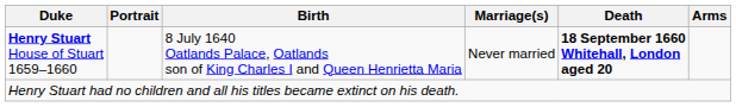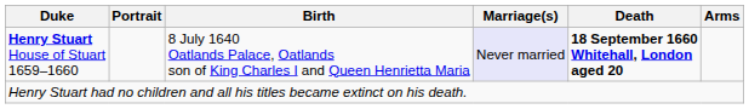 <table class="wikitable">
 <tr>
 <th>Duke</th>
 <th>Portrait</th>
 <th>Birth</th>
 <th>Marriage(s)</th>
 <th>Death</th>
 <th>Arms</th>
 </tr>
 <tr>
 <td><strong><a href='#'>Henry Stuart</a></strong><br><a href='#'>House of Stuart</a><br>1659–1660<br><em></em></td>
 <td></td>
 <td>8 July 1640<br><a href='#'>Oatlands Palace</a>, <a href='#'>Oatlands</a><br>son of <a href='#'>King Charles I</a> and <a href='#'>Queen Henrietta Maria</a></td>
-<td>Never married</td>
+<td style="background: lavender;">Never married</td>
 <td><strong>18 September 1660<br><a href='#'>Whitehall</a>, <a href='#'>London</a><br>aged 20</strong></td>
 <td></td>
 </tr>
 <tr>
 <td colspan="6"><em>Henry Stuart had no children and all his titles became extinct on his death.</em></td>
 </tr>
 </table>
